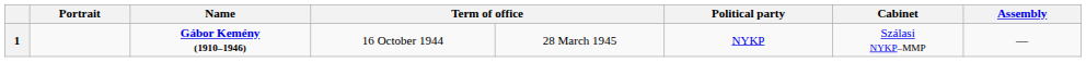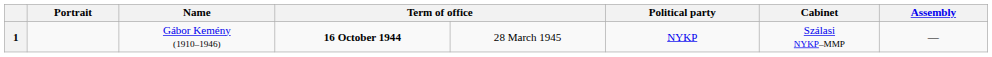 <table class="wikitable" style="width:90%; text-align:center;">
 <tr>
 <th></th>
 <th>Portrait</th>
 <th>Name<br></th>
 <th colspan=2>Term of office</th>
 <th>Political party</th>
 <th>Cabinet</th>
 <th><a href='#'>Assembly</a><br></th>
 </tr>
 <tr>
 <th style="background-color:">1</th>
 <td></td>
-<td><strong><a href='#'>Gábor Kemény</a><br><small>(1910–1946)</small></strong></td>
-<td>16 October 1944</td>
+<td><a href='#'>Gábor Kemény</a><br><small>(1910–1946)</small></td>
+<td><strong>16 October 1944</strong></td>
 <td>28 March 1945</td>
 <td><a href='#'>NYKP</a></td>
 <td><a href='#'>Szálasi</a><br><small><a href='#'>NYKP</a>–MMP</small></td>
 <td>—</td>
 </tr>
 </table>
